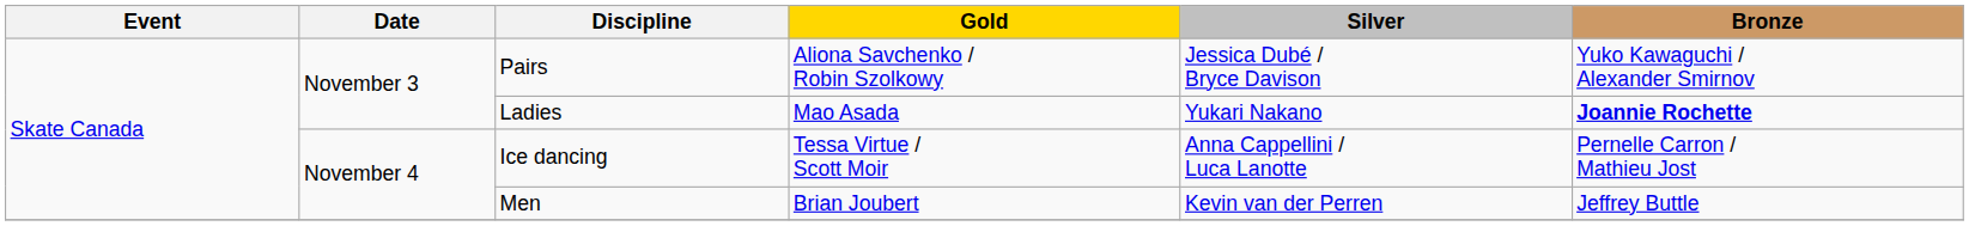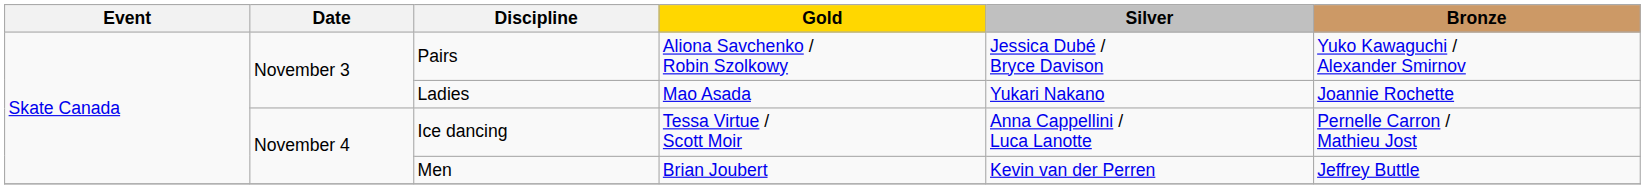 <table class="wikitable" width="75%">
 <tr>
 <th width="15%">Event</th>
 <th width="10%">Date</th>
 <th width="15%">Discipline</th>
 <td width = "20%" align="center" bgcolor="gold"><strong>Gold</strong></td>
 <td width = "20%" align="center" bgcolor="silver"><strong>Silver</strong></td>
 <td width = "20%" align="center" bgcolor="cc9966"><strong>Bronze</strong></td>
 </tr>
 <tr>
 <td rowspan="4"> <a href='#'>Skate Canada</a></td>
 <td rowspan = 2>November 3</td>
 <td>Pairs</td>
 <td> <a href='#'>Aliona Savchenko</a> / <br> <a href='#'>Robin Szolkowy</a></td>
 <td> <a href='#'>Jessica Dubé</a> / <br> <a href='#'>Bryce Davison</a></td>
 <td> <a href='#'>Yuko Kawaguchi</a> / <br> <a href='#'>Alexander Smirnov</a></td>
 </tr>
 <tr>
 <td>Ladies</td>
 <td> <a href='#'>Mao Asada</a></td>
 <td> <a href='#'>Yukari Nakano</a></td>
-<td><strong> <a href='#'>Joannie Rochette</a></strong></td>
+<td> <a href='#'>Joannie Rochette</a></td>
 </tr>
 <tr>
 <td rowspan = 2>November 4</td>
 <td>Ice dancing</td>
 <td> <a href='#'>Tessa Virtue</a> / <br> <a href='#'>Scott Moir</a></td>
 <td> <a href='#'>Anna Cappellini</a> / <br> <a href='#'>Luca Lanotte</a></td>
 <td> <a href='#'>Pernelle Carron</a> / <br> <a href='#'>Mathieu Jost</a></td>
 </tr>
 <tr>
 <td>Men</td>
 <td> <a href='#'>Brian Joubert</a></td>
 <td> <a href='#'>Kevin van der Perren</a></td>
 <td> <a href='#'>Jeffrey Buttle</a></td>
 </tr>
 <tr>
 </tr>
 </table>
